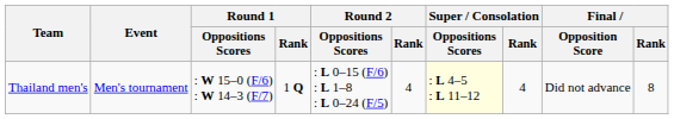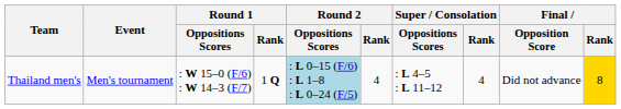 <table class=wikitable style="font-size:90%; text-align:center;">
 <tr>
 <th rowspan=2>Team</th>
 <th rowspan=2>Event</th>
 <th colspan=2>Round 1</th>
 <th colspan=2>Round 2</th>
 <th colspan=2>Super / Consolation</th>
 <th colspan=2>Final / </th>
 </tr>
 <tr style=font-size:95%>
 <th>Oppositions<br>Scores</th>
 <th>Rank</th>
 <th>Oppositions<br>Scores</th>
 <th>Rank</th>
 <th>Oppositions<br>Scores</th>
 <th>Rank</th>
 <th>Opposition<br>Score</th>
 <th>Rank</th>
 </tr>
 <tr>
 <td align=left><a href='#'>Thailand men's</a></td>
 <td align=left><a href='#'>Men's tournament</a></td>
 <td align=left>: <strong>W</strong> 15–0 (<a href='#'>F/6</a>)<br>: <strong>W</strong> 14–3 (<a href='#'>F/7</a>)</td>
 <td>1 <strong>Q</strong></td>
-<td align=left>: <strong>L</strong> 0–15 (<a href='#'>F/6</a>)<br>: <strong>L</strong> 1–8<br>: <strong>L</strong> 0–24 (<a href='#'>F/5</a>)</td>
+<td align=left style="background: lightblue;">: <strong>L</strong> 0–15 (<a href='#'>F/6</a>)<br>: <strong>L</strong> 1–8<br>: <strong>L</strong> 0–24 (<a href='#'>F/5</a>)</td>
 <td>4</td>
-<td align=left style="background: lightyellow;">: <strong>L</strong> 4–5<br>: <strong>L</strong> 11–12</td>
+<td align=left>: <strong>L</strong> 4–5<br>: <strong>L</strong> 11–12</td>
 <td>4</td>
 <td>Did not advance</td>
-<td>8</td>
+<td style="background: gold;">8</td>
 </tr>
 </table>
